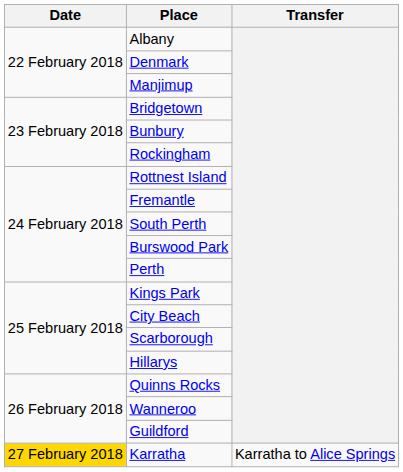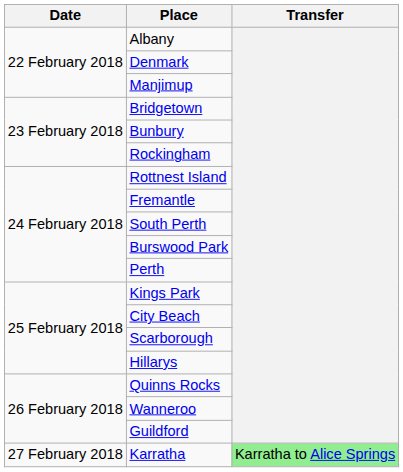 <table class="wikitable">
 <tr>
 <th>Date</th>
 <th>Place</th>
 <th>Transfer</th>
 </tr>
 <tr>
 <td rowspan="3">22 February 2018</td>
 <td>Albany</td>
 <th rowspan="18"></th>
 </tr>
 <tr>
 <td><a href='#'>Denmark</a></td>
 </tr>
 <tr>
 <td><a href='#'>Manjimup</a></td>
 </tr>
 <tr>
 <td rowspan="3">23 February 2018</td>
 <td><a href='#'>Bridgetown</a></td>
 </tr>
 <tr>
 <td><a href='#'>Bunbury</a></td>
 </tr>
 <tr>
 <td><a href='#'>Rockingham</a></td>
 </tr>
 <tr>
 <td rowspan="5">24 February 2018</td>
 <td><a href='#'>Rottnest Island</a></td>
 </tr>
 <tr>
 <td><a href='#'>Fremantle</a></td>
 </tr>
 <tr>
 <td><a href='#'>South Perth</a></td>
 </tr>
 <tr>
 <td><a href='#'>Burswood Park</a></td>
 </tr>
 <tr>
 <td><a href='#'>Perth</a></td>
 </tr>
 <tr>
 <td rowspan="4">25 February 2018</td>
 <td><a href='#'>Kings Park</a></td>
 </tr>
 <tr>
 <td><a href='#'>City Beach</a></td>
 </tr>
 <tr>
 <td><a href='#'>Scarborough</a></td>
 </tr>
 <tr>
 <td><a href='#'>Hillarys</a></td>
 </tr>
 <tr>
 <td rowspan="3">26 February 2018</td>
 <td><a href='#'>Quinns Rocks</a></td>
 </tr>
 <tr>
 <td><a href='#'>Wanneroo</a></td>
 </tr>
 <tr>
 <td><a href='#'>Guildford</a></td>
 </tr>
 <tr>
-<td style="background: gold;">27 February 2018</td>
+<td>27 February 2018</td>
 <td><a href='#'>Karratha</a></td>
-<td>Karratha to <a href='#'>Alice Springs</a></td>
+<td style="background: lightgreen;">Karratha to <a href='#'>Alice Springs</a></td>
 </tr>
 </table>
